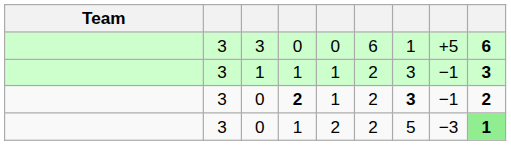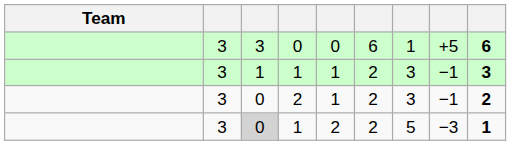 <table class="wikitable" style="text-align: center; font-size:90% ">
 <tr>
 <th width=160>Team</th>
 <th width=25></th>
 <th width=25></th>
 <th width=25></th>
 <th width=25></th>
 <th width=25></th>
 <th width=25></th>
 <th width=25></th>
 <th width=25></th>
 </tr>
 <tr bgcolor=ccffcc>
 <td align=left></td>
 <td>3</td>
 <td>3</td>
 <td>0</td>
 <td>0</td>
 <td>6</td>
 <td>1</td>
 <td>+5</td>
 <td><strong>6</strong></td>
 </tr>
 <tr bgcolor=ccffcc>
 <td align=left></td>
 <td>3</td>
 <td>1</td>
 <td>1</td>
 <td>1</td>
 <td>2</td>
 <td>3</td>
 <td>−1</td>
 <td><strong>3</strong></td>
 </tr>
 <tr>
 <td align=left></td>
 <td>3</td>
 <td>0</td>
-<td><strong>2</strong></td>
+<td>2</td>
 <td>1</td>
 <td>2</td>
-<td><strong>3</strong></td>
+<td>3</td>
 <td>−1</td>
 <td><strong>2</strong></td>
 </tr>
 <tr>
 <td align=left></td>
 <td>3</td>
-<td>0</td>
+<td style="background: lightgrey;">0</td>
 <td>1</td>
 <td>2</td>
 <td>2</td>
 <td>5</td>
 <td>−3</td>
-<td style="background: lightgreen;"><strong>1</strong></td>
+<td><strong>1</strong></td>
 </tr>
 </table>
